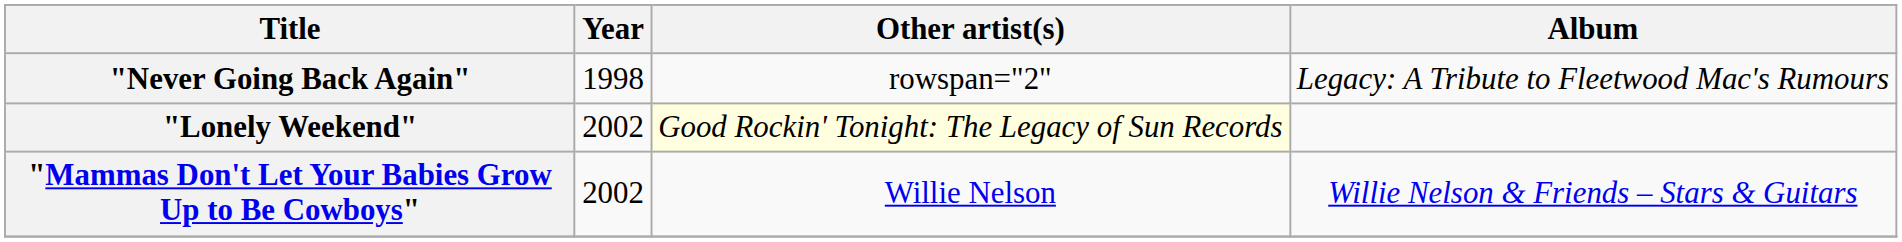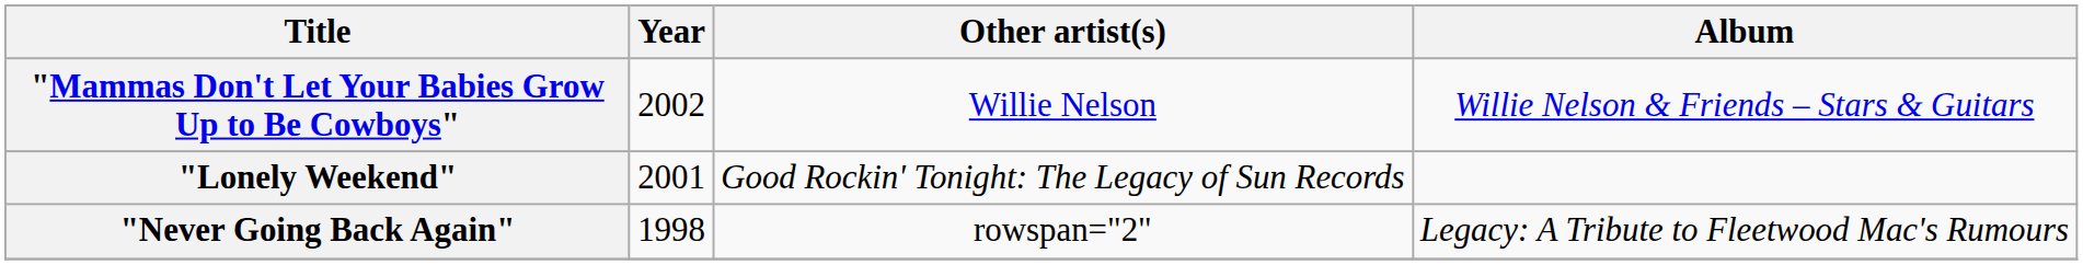 <table class="wikitable plainrowheaders" style="text-align:center;">
 <tr>
 <th scope="col" style="width:18em;">Title</th>
 <th scope="col">Year</th>
 <th scope="col">Other artist(s)</th>
 <th scope="col">Album</th>
 </tr>
 <tr>
+<th scope="row">"<a href='#'>Mammas Don't Let Your Babies Grow Up to Be Cowboys</a>"</th>
+<td>2002</td>
+<td><a href='#'>Willie Nelson</a></td>
+<td><em><a href='#'>Willie Nelson & Friends – Stars & Guitars</a></em></td>
+</tr>
+<tr>
+<th scope="row">"Lonely Weekend"</th>
+<td>2001</td>
+<td><em>Good Rockin' Tonight: The Legacy of Sun Records</em></td>
+</tr>
+<tr>
 <th scope="row">"Never Going Back Again"</th>
 <td>1998</td>
 <td>rowspan="2" </td>
 <td><em>Legacy: A Tribute to Fleetwood Mac's Rumours</em></td>
 </tr>
 <tr>
-<th scope="row">"Lonely Weekend"</th>
-<td>2002</td>
-<td style="background: lightyellow;"><em>Good Rockin' Tonight: The Legacy of Sun Records</em></td>
-</tr>
-<tr>
-<th scope="row">"<a href='#'>Mammas Don't Let Your Babies Grow Up to Be Cowboys</a>"</th>
-<td>2002</td>
-<td><a href='#'>Willie Nelson</a></td>
-<td><em><a href='#'>Willie Nelson & Friends – Stars & Guitars</a></em></td>
-</tr>
-<tr>
 </tr>
 </table>
